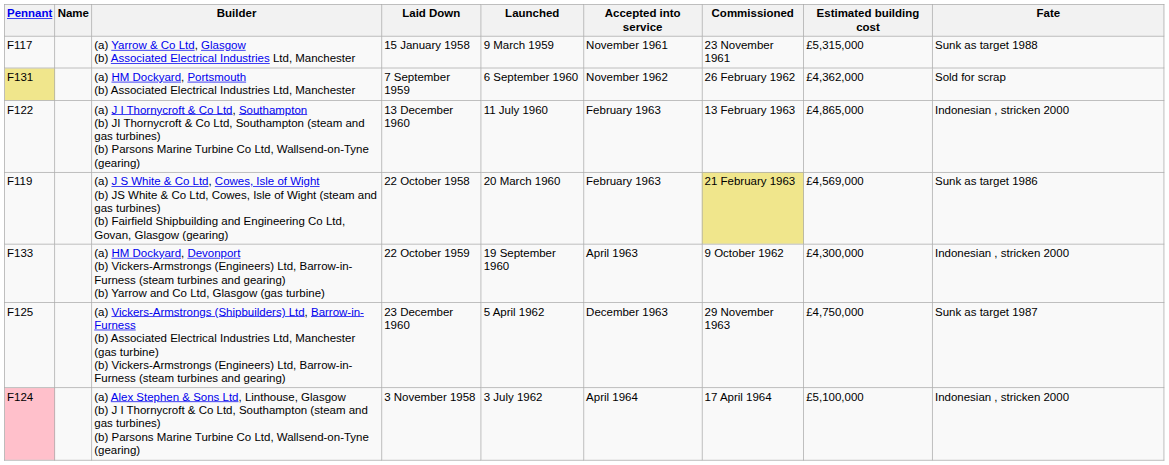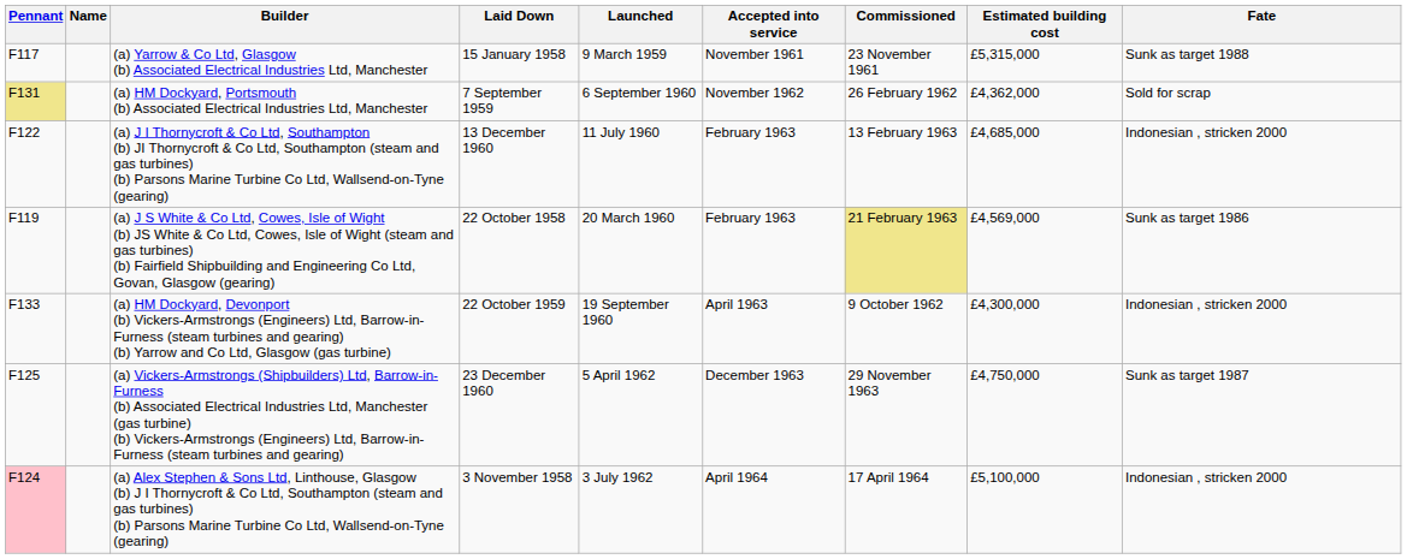 <table class="wikitable" style="font-size:97%;">
 <tr valign=top>
 <th><a href='#'>Pennant</a></th>
 <th>Name</th>
 <th width="25%">Builder</th>
 <th>Laid Down</th>
 <th>Launched</th>
 <th>Accepted into service</th>
 <th>Commissioned</th>
 <th>Estimated building cost</th>
 <th width="20%">Fate</th>
 </tr>
 <tr valign=top>
 <td>F117</td>
 <td></td>
 <td>(a) <a href='#'>Yarrow & Co Ltd</a>, <a href='#'>Glasgow</a> <br> (b) <a href='#'>Associated Electrical Industries</a> Ltd, Manchester </td>
 <td>15 January 1958 </td>
 <td>9 March 1959 </td>
 <td>November 1961 </td>
 <td>23 November 1961 </td>
 <td>£5,315,000 </td>
 <td>Sunk as target 1988</td>
 </tr>
 <tr valign=top>
 <td style="background: khaki;">F131</td>
 <td></td>
 <td>(a) <a href='#'>HM Dockyard</a>, <a href='#'>Portsmouth</a> <br> (b) Associated Electrical Industries Ltd, Manchester </td>
 <td>7 September 1959 </td>
 <td>6 September 1960 </td>
 <td>November 1962 </td>
 <td>26 February 1962 </td>
 <td>£4,362,000 </td>
 <td>Sold for scrap</td>
 </tr>
 <tr valign=top>
 <td>F122</td>
 <td></td>
 <td>(a) <a href='#'>J I Thornycroft & Co Ltd</a>, <a href='#'>Southampton</a> <br> (b) JI Thornycroft & Co Ltd, Southampton (steam and gas turbines) <br> (b) Parsons Marine Turbine Co Ltd, Wallsend-on-Tyne (gearing) </td>
 <td>13 December 1960 </td>
 <td>11 July 1960 </td>
 <td>February 1963 </td>
 <td>13 February 1963 </td>
-<td>£4,865,000 </td>
+<td>£4,685,000 </td>
 <td>Indonesian , stricken 2000</td>
 </tr>
 <tr valign=top>
 <td>F119</td>
 <td></td>
 <td>(a) <a href='#'>J S White & Co Ltd</a>, <a href='#'>Cowes, Isle of Wight</a> <br> (b) JS White & Co Ltd, Cowes, Isle of Wight (steam and gas turbines) <br> (b) Fairfield Shipbuilding and Engineering Co Ltd, Govan, Glasgow (gearing) </td>
 <td>22 October 1958 </td>
 <td>20 March 1960 </td>
 <td>February 1963 </td>
 <td style="background: khaki;">21 February 1963 </td>
 <td>£4,569,000 </td>
 <td>Sunk as target 1986</td>
 </tr>
 <tr valign=top>
 <td>F133</td>
 <td></td>
 <td>(a) <a href='#'>HM Dockyard</a>, <a href='#'>Devonport</a> <br> (b) Vickers-Armstrongs (Engineers) Ltd, Barrow-in-Furness (steam turbines and gearing) <br> (b) Yarrow and Co Ltd, Glasgow (gas turbine) </td>
 <td>22 October 1959 </td>
 <td>19 September 1960 </td>
 <td>April 1963 </td>
 <td>9 October 1962 </td>
 <td>£4,300,000 </td>
 <td>Indonesian , stricken 2000</td>
 </tr>
 <tr valign=top>
 <td>F125</td>
 <td></td>
 <td>(a) <a href='#'>Vickers-Armstrongs (Shipbuilders) Ltd</a>, <a href='#'>Barrow-in-Furness</a> <br> (b) Associated Electrical Industries Ltd, Manchester (gas turbine) <br> (b) Vickers-Armstrongs (Engineers) Ltd, Barrow-in-Furness (steam turbines and gearing) </td>
 <td>23 December 1960 </td>
 <td>5 April 1962 </td>
 <td>December 1963 </td>
 <td>29 November 1963 </td>
 <td>£4,750,000 </td>
 <td>Sunk as target 1987</td>
 </tr>
 <tr valign=top>
 <td style="background: pink;">F124</td>
 <td></td>
 <td>(a) <a href='#'>Alex Stephen & Sons Ltd</a>, Linthouse, Glasgow <br> (b) J I Thornycroft & Co Ltd, Southampton (steam and gas turbines) <br> (b) Parsons Marine Turbine Co Ltd, Wallsend-on-Tyne (gearing) </td>
 <td>3 November 1958 </td>
 <td>3 July 1962 </td>
 <td>April 1964 </td>
 <td>17 April 1964 </td>
 <td>£5,100,000 </td>
 <td>Indonesian , stricken 2000</td>
 </tr>
 </table>
